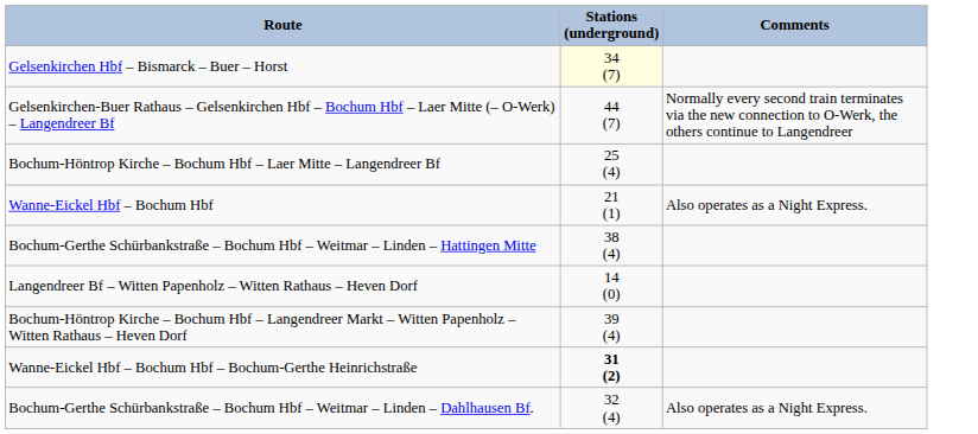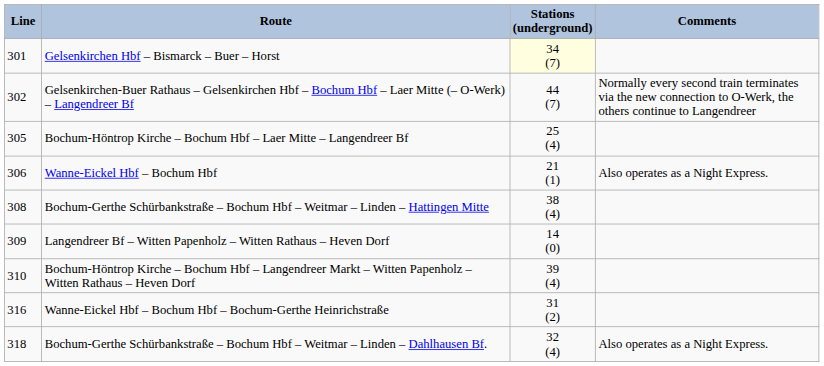 <table class="wikitable">
 <tr>
+<th style="background: lightsteelblue;" width="40px">Line</th>
 <th style="background: lightsteelblue;" width="585px">Route</th>
 <th style="background: lightsteelblue;" width="100px">Stations <br>(underground)</th>
 <th style="background: lightsteelblue;" width="275px">Comments</th>
 </tr>
 <tr>
+<td style="background-color:#"><span>301</span></td>
 <td><a href='#'>Gelsenkirchen Hbf</a> – Bismarck – Buer – Horst</td>
 <td style="background: lightyellow; text-align:center;">34<br>(7)</td>
 <td></td>
 </tr>
 <tr>
+<td style="background-color:#"><span>302</span></td>
 <td>Gelsenkirchen-Buer Rathaus – Gelsenkirchen Hbf – <a href='#'>Bochum Hbf</a> – Laer Mitte (– O-Werk) – <a href='#'>Langendreer Bf</a></td>
 <td style="text-align:center;">44<br>(7)</td>
 <td>Normally every second train terminates via the new connection to O-Werk, the others continue to Langendreer</td>
 </tr>
 <tr>
+<td style="background-color:#"><span>305</span></td>
 <td>Bochum-Höntrop Kirche – Bochum Hbf – Laer Mitte – Langendreer Bf</td>
 <td style="text-align:center;">25<br>(4)</td>
 <td></td>
 </tr>
 <tr>
+<td style="background-color:#"><span>306</span></td>
 <td><a href='#'>Wanne-Eickel Hbf</a> – Bochum Hbf</td>
 <td style="text-align:center;">21<br>(1)</td>
 <td>Also operates as a Night Express.</td>
 </tr>
 <tr>
+<td style="background-color:#"><span>308</span></td>
 <td>Bochum-Gerthe Schürbankstraße – Bochum Hbf – Weitmar – Linden – <a href='#'>Hattingen Mitte</a></td>
 <td style="text-align:center;">38<br>(4)</td>
 <td></td>
 </tr>
 <tr>
+<td style="background-color:#"><span>309</span></td>
 <td>Langendreer Bf – Witten Papenholz – Witten Rathaus – Heven Dorf</td>
 <td style="text-align:center;">14<br>(0)</td>
 <td></td>
 </tr>
 <tr>
+<td style="background-color:#"><span>310</span></td>
 <td>Bochum-Höntrop Kirche – Bochum Hbf – Langendreer Markt – Witten Papenholz – Witten Rathaus – Heven Dorf</td>
 <td style="text-align:center;">39<br>(4)</td>
 <td></td>
 </tr>
 <tr>
+<td style="background-color:#"><span>316</span></td>
 <td>Wanne-Eickel Hbf – Bochum Hbf – Bochum-Gerthe Heinrichstraße</td>
-<td style="text-align:center;"><strong>31<br>(2)</strong></td>
+<td style="text-align:center;">31<br>(2)</td>
 <td></td>
 </tr>
 <tr>
+<td style="background-color:#"><span>318</span></td>
 <td>Bochum-Gerthe Schürbankstraße – Bochum Hbf – Weitmar – Linden – <a href='#'>Dahlhausen Bf</a>.</td>
 <td style="text-align:center;">32<br>(4)</td>
 <td>Also operates as a Night Express.</td>
 </tr>
 </table>
